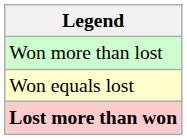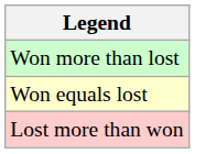 <table class=wikitable style="font-size:85%">
 <tr>
 <th>Legend</th>
 </tr>
 <tr style="background:#cfc;">
 <td>Won more than lost</td>
 </tr>
 <tr style="background:#ffc;">
 <td>Won equals lost</td>
 </tr>
 <tr style="background:#fcc;">
-<td><strong>Lost more than won</strong></td>
+<td>Lost more than won</td>
 </tr>
 </table>
